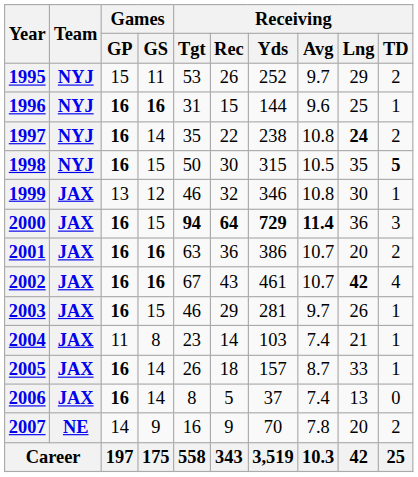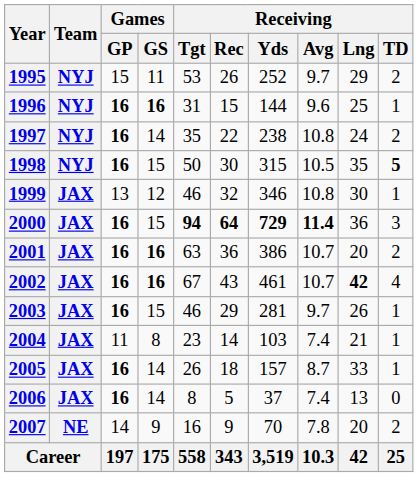 <table class="wikitable" style="text-align:center;">
 <tr>
 <th rowspan="2">Year</th>
 <th rowspan="2">Team</th>
 <th colspan="2">Games</th>
 <th colspan="6">Receiving</th>
 </tr>
 <tr>
 <th>GP</th>
 <th>GS</th>
 <th>Tgt</th>
 <th>Rec</th>
 <th>Yds</th>
 <th>Avg</th>
 <th>Lng</th>
 <th>TD</th>
 </tr>
 <tr>
 <th><a href='#'>1995</a></th>
 <th><a href='#'>NYJ</a></th>
 <td>15</td>
 <td>11</td>
 <td>53</td>
 <td>26</td>
 <td>252</td>
 <td>9.7</td>
 <td>29</td>
 <td>2</td>
 </tr>
 <tr>
 <th><a href='#'>1996</a></th>
 <th><a href='#'>NYJ</a></th>
 <td><strong>16</strong></td>
 <td><strong>16</strong></td>
 <td>31</td>
 <td>15</td>
 <td>144</td>
 <td>9.6</td>
 <td>25</td>
 <td>1</td>
 </tr>
 <tr>
 <th><a href='#'>1997</a></th>
 <th><a href='#'>NYJ</a></th>
 <td><strong>16</strong></td>
 <td>14</td>
 <td>35</td>
 <td>22</td>
 <td>238</td>
 <td>10.8</td>
-<td><strong>24</strong></td>
+<td>24</td>
 <td>2</td>
 </tr>
 <tr>
 <th><a href='#'>1998</a></th>
 <th><a href='#'>NYJ</a></th>
 <td><strong>16</strong></td>
 <td>15</td>
 <td>50</td>
 <td>30</td>
 <td>315</td>
 <td>10.5</td>
 <td>35</td>
 <td><strong>5</strong></td>
 </tr>
 <tr>
 <th><a href='#'>1999</a></th>
 <th><a href='#'>JAX</a></th>
 <td>13</td>
 <td>12</td>
 <td>46</td>
 <td>32</td>
 <td>346</td>
 <td>10.8</td>
 <td>30</td>
 <td>1</td>
 </tr>
 <tr>
 <th><a href='#'>2000</a></th>
 <th><a href='#'>JAX</a></th>
 <td><strong>16</strong></td>
 <td>15</td>
 <td><strong>94</strong></td>
 <td><strong>64</strong></td>
 <td><strong>729</strong></td>
 <td><strong>11.4</strong></td>
 <td>36</td>
 <td>3</td>
 </tr>
 <tr>
 <th><a href='#'>2001</a></th>
 <th><a href='#'>JAX</a></th>
 <td><strong>16</strong></td>
 <td><strong>16</strong></td>
 <td>63</td>
 <td>36</td>
 <td>386</td>
 <td>10.7</td>
 <td>20</td>
 <td>2</td>
 </tr>
 <tr>
 <th><a href='#'>2002</a></th>
 <th><a href='#'>JAX</a></th>
 <td><strong>16</strong></td>
 <td><strong>16</strong></td>
 <td>67</td>
 <td>43</td>
 <td>461</td>
 <td>10.7</td>
 <td><strong>42</strong></td>
 <td>4</td>
 </tr>
 <tr>
 <th><a href='#'>2003</a></th>
 <th><a href='#'>JAX</a></th>
 <td><strong>16</strong></td>
 <td>15</td>
 <td>46</td>
 <td>29</td>
 <td>281</td>
 <td>9.7</td>
 <td>26</td>
 <td>1</td>
 </tr>
 <tr>
 <th><a href='#'>2004</a></th>
 <th><a href='#'>JAX</a></th>
 <td>11</td>
 <td>8</td>
 <td>23</td>
 <td>14</td>
 <td>103</td>
 <td>7.4</td>
 <td>21</td>
 <td>1</td>
 </tr>
 <tr>
 <th><a href='#'>2005</a></th>
 <th><a href='#'>JAX</a></th>
 <td><strong>16</strong></td>
 <td>14</td>
 <td>26</td>
 <td>18</td>
 <td>157</td>
 <td>8.7</td>
 <td>33</td>
 <td>1</td>
 </tr>
 <tr>
 <th><a href='#'>2006</a></th>
 <th><a href='#'>JAX</a></th>
 <td><strong>16</strong></td>
 <td>14</td>
 <td>8</td>
 <td>5</td>
 <td>37</td>
 <td>7.4</td>
 <td>13</td>
 <td>0</td>
 </tr>
 <tr>
 <th><a href='#'>2007</a></th>
 <th><a href='#'>NE</a></th>
 <td>14</td>
 <td>9</td>
 <td>16</td>
 <td>9</td>
 <td>70</td>
 <td>7.8</td>
 <td>20</td>
 <td>2</td>
 </tr>
 <tr>
 <th colspan="2">Career</th>
 <th>197</th>
 <th>175</th>
 <th>558</th>
 <th>343</th>
 <th>3,519</th>
 <th>10.3</th>
 <th>42</th>
 <th>25</th>
 </tr>
 </table>
